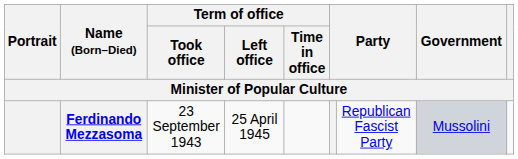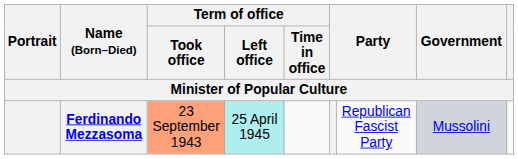 <table class="wikitable" style="text-align:center; style="width=95%">
 <tr>
 <th width=1% rowspan=2>Portrait</th>
 <th width=15% rowspan=2>Name<br><small>(Born–Died)</small></th>
 <th width=30% colspan=3>Term of office</th>
 <th width=15% rowspan=2 colspan=2>Party</th>
 <th width=10% rowspan=2>Government</th>
 <th width=1% rowspan=2></th>
 </tr>
 <tr style="text-align:center;">
 <th width=11%>Took office</th>
 <th width=11%>Left office</th>
 <th width=8%>Time in office</th>
 </tr>
 <tr>
 <th colspan=9>Minister of Popular Culture</th>
 </tr>
 <tr>
 <th></th>
 <th scope="row" style="font-weight:normal"><strong><a href='#'>Ferdinando Mezzasoma</a></strong><br></th>
-<td>23 September 1943</td>
-<td>25 April 1945</td>
+<td style="background: lightsalmon;">23 September 1943</td>
+<td style="background: paleturquoise;">25 April 1945</td>
 <td></td>
 <th style="background:"></th>
 <td><a href='#'>Republican Fascist Party</a></td>
 <td bgcolor=#CFD5DA><a href='#'>Mussolini<br></a></td>
 <td></td>
 </tr>
 </table>
